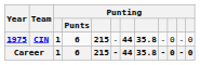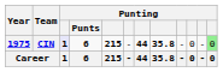 <table class=wikitable style="text-align:center;">
 <tr>
 <th rowspan="2">Year</th>
 <th rowspan="2">Team</th>
 <th colspan="10">Punting</th>
 </tr>
 <tr>
 <th></th>
 <th>Punts</th>
 <th></th>
 <th></th>
 <th></th>
 <th></th>
 <th></th>
 <th></th>
 <th></th>
 <th></th>
 </tr>
 <tr>
 <th><a href='#'>1975</a></th>
 <th><a href='#'>CIN</a></th>
-<td><strong>1</strong></td>
+<td style="background: lavender;"><strong>1</strong></td>
 <td><strong>6</strong></td>
 <td><strong>215</strong></td>
 <td>-</td>
 <td><strong>44</strong></td>
 <td><strong>35.8</strong></td>
 <td>-</td>
 <td>0</td>
 <td>-</td>
-<td>0</td>
+<td style="background: lightgreen;">0</td>
 </tr>
 <tr>
 <th colspan="2">Career</th>
 <th>1</th>
 <th>6</th>
 <th>215</th>
 <th>-</th>
 <th>44</th>
 <th>35.8</th>
 <th>-</th>
 <th>0</th>
 <th>-</th>
 <th>0</th>
 </tr>
 </table>
